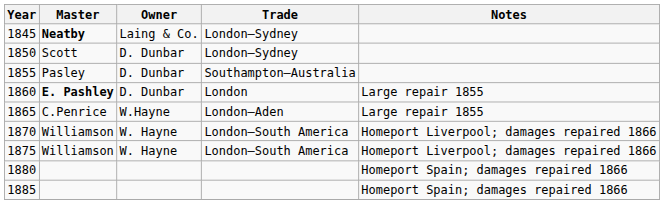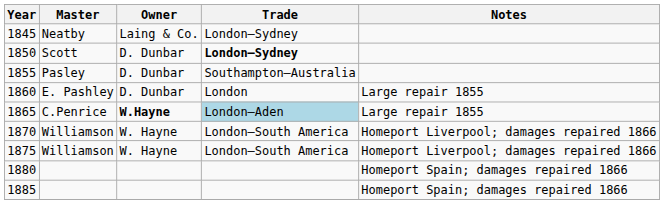 <table class="sortable wikitable">
 <tr>
 <th>Year</th>
 <th>Master</th>
 <th>Owner</th>
 <th>Trade</th>
 <th>Notes</th>
 </tr>
 <tr>
 <td>1845</td>
-<td><strong>Neatby</strong></td>
+<td>Neatby</td>
 <td>Laing & Co.</td>
 <td>London–Sydney</td>
 <td></td>
 </tr>
 <tr>
 <td>1850</td>
 <td>Scott</td>
 <td>D. Dunbar</td>
-<td>London–Sydney</td>
+<td><strong>London–Sydney</strong></td>
 <td></td>
 </tr>
 <tr>
 <td>1855</td>
 <td>Pasley</td>
 <td>D. Dunbar</td>
 <td>Southampton–Australia</td>
 <td></td>
 </tr>
 <tr>
 <td>1860</td>
-<td><strong>E. Pashley</strong></td>
+<td>E. Pashley</td>
 <td>D. Dunbar</td>
 <td>London</td>
 <td>Large repair 1855</td>
 </tr>
 <tr>
 <td>1865</td>
 <td>C.Penrice</td>
-<td>W.Hayne</td>
-<td>London–Aden</td>
+<td><strong>W.Hayne</strong></td>
+<td style="background: lightblue;">London–Aden</td>
 <td>Large repair 1855</td>
 </tr>
 <tr>
 <td>1870</td>
 <td>Williamson</td>
 <td>W. Hayne</td>
 <td>London–South America</td>
 <td>Homeport Liverpool; damages repaired 1866</td>
 </tr>
 <tr>
 <td>1875</td>
 <td>Williamson</td>
 <td>W. Hayne</td>
 <td>London–South America</td>
 <td>Homeport Liverpool; damages repaired 1866</td>
 </tr>
 <tr>
 <td>1880</td>
 <td></td>
 <td></td>
 <td></td>
 <td>Homeport Spain; damages repaired 1866</td>
 </tr>
 <tr>
 <td>1885</td>
 <td></td>
 <td></td>
 <td></td>
 <td>Homeport Spain; damages repaired 1866</td>
 </tr>
 <tr>
 </tr>
 </table>
